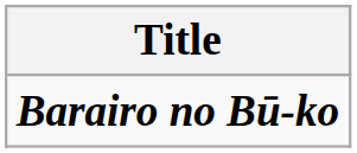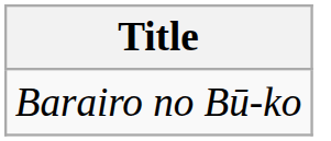 <table class="wikitable">
 <tr>
 <th>Title</th>
 </tr>
 <tr>
-<td><strong><em>Barairo no Bū-ko</em></strong></td>
+<td><em>Barairo no Bū-ko</em></td>
 </tr>
 </table>
